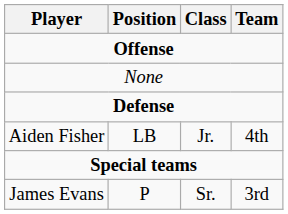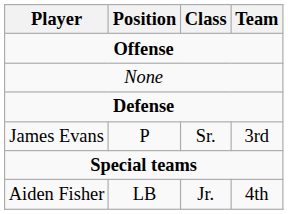 <table class="wikitable" style="text-align:center;">
 <tr>
 <th>Player</th>
 <th>Position</th>
 <th>Class</th>
 <th>Team</th>
 </tr>
 <tr>
 <td colspan="4"><strong>Offense</strong></td>
 </tr>
 <tr>
 <td colspan="4"><em>None</em></td>
 </tr>
 <tr>
 <td colspan="4"><strong>Defense</strong></td>
 </tr>
 <tr>
+<td>James Evans</td>
+<td>P</td>
+<td>Sr.</td>
+<td>3rd</td>
+</tr>
+<tr>
+<td colspan="4"><strong>Special teams</strong></td>
+</tr>
+<tr>
 <td>Aiden Fisher</td>
 <td>LB</td>
 <td>Jr.</td>
 <td>4th</td>
 </tr>
-<tr>
-<td colspan="4"><strong>Special teams</strong></td>
-</tr>
-<tr>
-<td>James Evans</td>
-<td>P</td>
-<td>Sr.</td>
-<td>3rd</td>
-</tr>
 </table>
